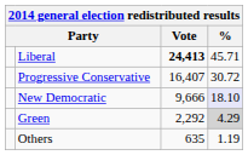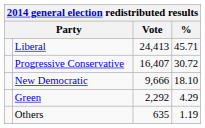 <table class="wikitable">
 <tr>
 <th colspan="4"><a href='#'>2014 general election</a> redistributed results</th>
 </tr>
 <tr>
 <th bgcolor="#DDDDFF" width="130px" colspan="2">Party</th>
 <th bgcolor="#DDDDFF" width="50px">Vote</th>
 <th bgcolor="#DDDDFF" width="30px">%</th>
 </tr>
 <tr>
 <td> </td>
 <td><a href='#'>Liberal</a></td>
-<td align=right><strong>24,413</strong></td>
+<td align=right>24,413</td>
 <td align=right>45.71</td>
 </tr>
 <tr>
 <td> </td>
 <td><a href='#'>Progressive Conservative</a></td>
 <td align=right>16,407</td>
 <td align=right>30.72</td>
 </tr>
 <tr>
 <td> </td>
 <td><a href='#'>New Democratic</a></td>
 <td align=right>9,666</td>
-<td align=right style="background: lavender;">18.10</td>
+<td align=right>18.10</td>
 </tr>
 <tr>
 <td> </td>
 <td><a href='#'>Green</a></td>
 <td align=right>2,292</td>
-<td align=right style="background: lightgrey;">4.29</td>
+<td align=right>4.29</td>
 </tr>
 <tr>
 <td> </td>
 <td>Others</td>
 <td align=right>635</td>
 <td align=right>1.19</td>
 </tr>
 </table>
